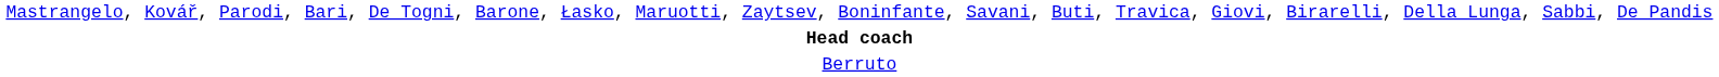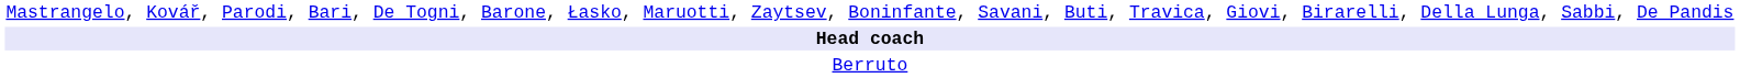 <table style="text-align: center; margin-top: 2em; margin-left: auto; margin-right: auto">
 <tr>
 <td><a href='#'>Mastrangelo</a>, <a href='#'>Kovář</a>, <a href='#'>Parodi</a>, <a href='#'>Bari</a>, <a href='#'>De Togni</a>, <a href='#'>Barone</a>, <a href='#'>Łasko</a>, <a href='#'>Maruotti</a>, <a href='#'>Zaytsev</a>, <a href='#'>Boninfante</a>, <a href='#'>Savani</a>, <a href='#'>Buti</a>, <a href='#'>Travica</a>, <a href='#'>Giovi</a>, <a href='#'>Birarelli</a>, <a href='#'>Della Lunga</a>, <a href='#'>Sabbi</a>, <a href='#'>De Pandis</a></td>
 </tr>
 <tr>
-<td><strong>Head coach</strong></td>
+<td style="background: lavender;"><strong>Head coach</strong></td>
 </tr>
 <tr>
 <td><a href='#'>Berruto</a></td>
 </tr>
 </table>
